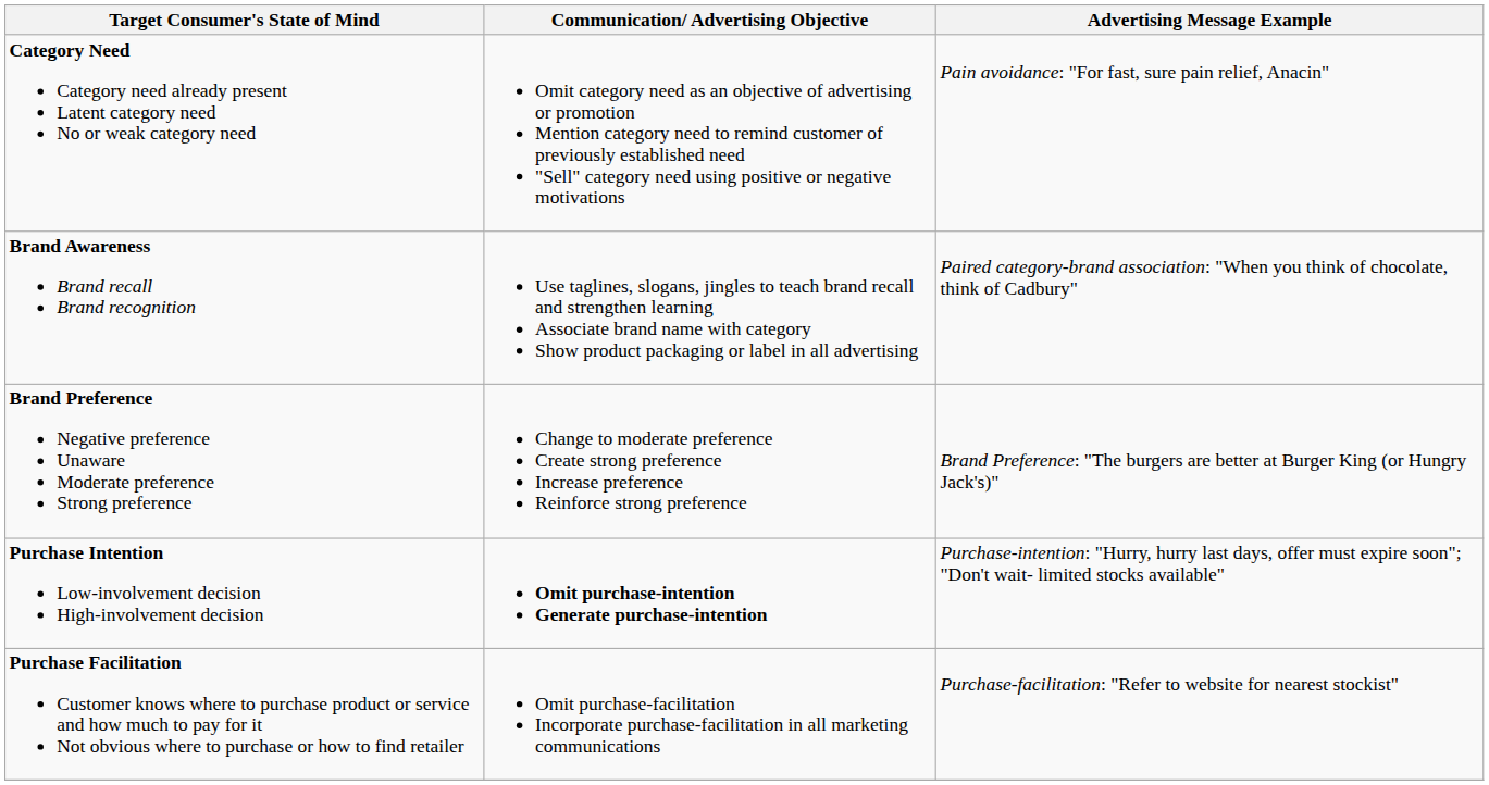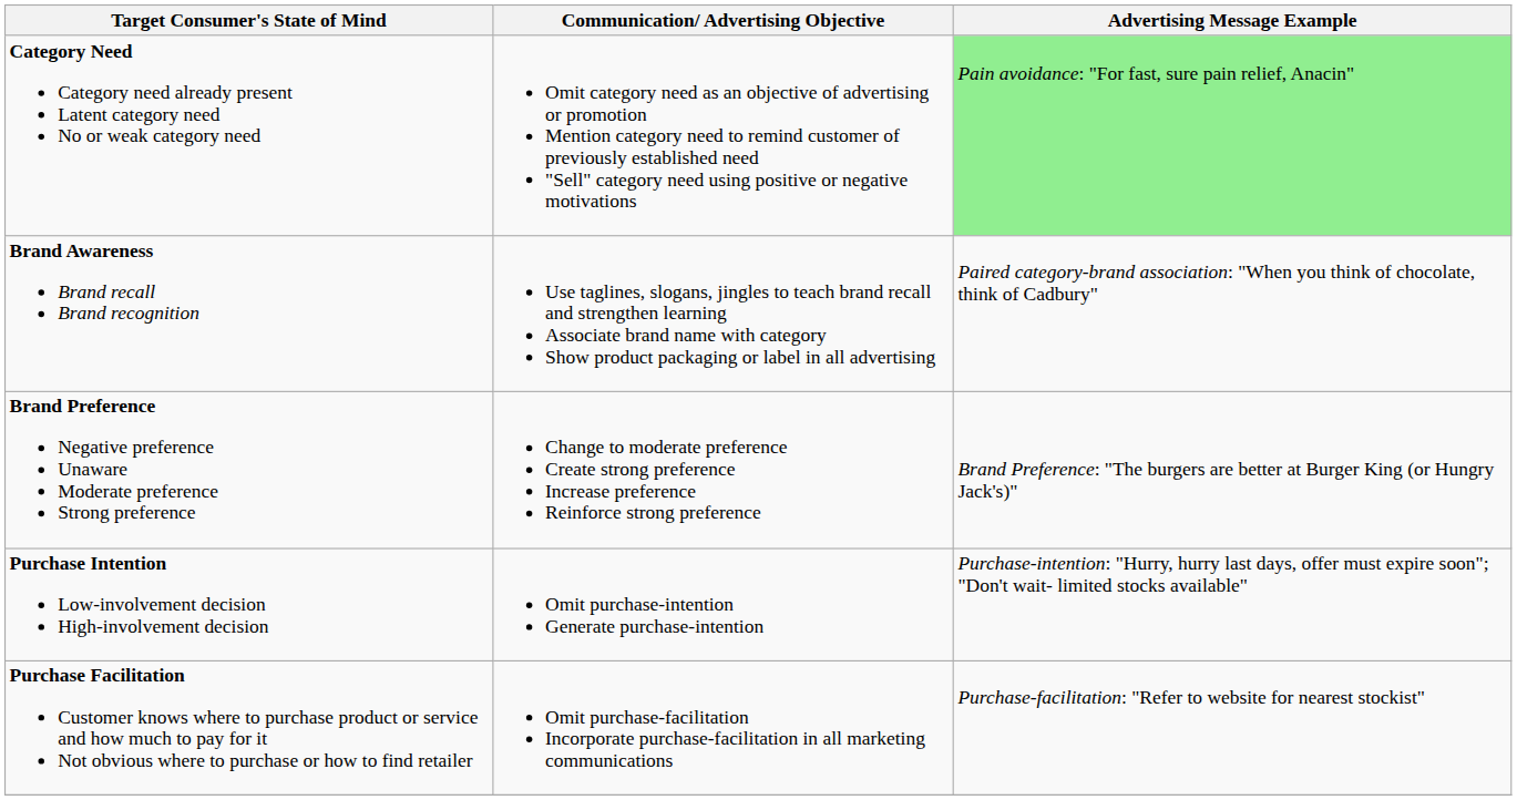 <table class="wikitable">
 <tr>
 <th>Target Consumer's State of Mind</th>
 <th>Communication/ Advertising Objective</th>
 <th>Advertising Message Example</th>
 </tr>
 <tr style="vertical-align: top;">
 <td><strong>Category Need</strong><br><ul><li>Category need already present</li><li>Latent category need</li><li>No or weak category need</li></ul></td>
 <td><br><ul><li>Omit category need as an objective of advertising or promotion</li><li>Mention category need to remind customer of previously established need</li><li>"Sell" category need using positive or negative motivations</li></ul></td>
-<td><br><em>Pain avoidance</em>: "For fast, sure pain relief, Anacin"</td>
+<td style="background: lightgreen;"><br><em>Pain avoidance</em>: "For fast, sure pain relief, Anacin"</td>
 </tr>
 <tr style="vertical-align: top;">
 <td><strong>Brand Awareness</strong><br><ul><li><em>Brand recall</em></li><li><em>Brand recognition</em></li></ul></td>
 <td><br><ul><li>Use taglines, slogans, jingles to teach brand recall and strengthen learning</li><li>Associate brand name with category</li><li>Show product packaging or label in all advertising</li></ul></td>
 <td><br><em>Paired category-brand association</em>: "When you think of chocolate, think of Cadbury"</td>
 </tr>
 <tr>
 <td><strong>Brand Preference</strong><br><ul><li>Negative preference</li><li>Unaware</li><li>Moderate preference</li><li>Strong preference</li></ul></td>
 <td><br><ul><li>Change to moderate preference</li><li>Create strong preference</li><li>Increase preference</li><li>Reinforce strong preference</li></ul></td>
 <td><br><em>Brand Preference</em>: "The burgers are better at Burger King (or Hungry Jack's)"</td>
 </tr>
 <tr style="vertical-align: top;">
 <td><strong>Purchase Intention</strong><br><ul><li>Low-involvement decision</li><li>High-involvement decision</li></ul></td>
-<td><strong><br><ul><li>Omit purchase-intention</li><li>Generate purchase-intention</li></ul></strong></td>
+<td><br><ul><li>Omit purchase-intention</li><li>Generate purchase-intention</li></ul></td>
 <td><em>Purchase-intention</em>: "Hurry, hurry last days, offer must expire soon"; "Don't wait- limited stocks available"</td>
 </tr>
 <tr style="vertical-align: top;">
 <td><strong>Purchase Facilitation</strong><br><ul><li>Customer knows where to purchase product or service and how much to pay for it</li><li>Not obvious where to purchase or how to find retailer</li></ul></td>
 <td><br><ul><li>Omit purchase-facilitation</li><li>Incorporate purchase-facilitation in all marketing communications</li></ul></td>
 <td><br><em>Purchase-facilitation</em>: "Refer to website for nearest stockist"</td>
 </tr>
 <tr>
 </tr>
 </table>
